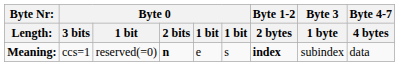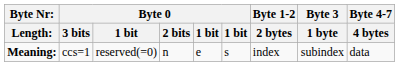 <table class="wikitable">
 <tr>
 <th>Byte Nr:</th>
 <th colspan="5">Byte 0</th>
 <th>Byte 1-2</th>
 <th>Byte 3</th>
 <th>Byte 4-7</th>
 </tr>
 <tr>
 <th>Length:</th>
 <th>3 bits</th>
 <th>1 bit</th>
 <th>2 bits</th>
 <th>1 bit</th>
 <th>1 bit</th>
 <th>2 bytes</th>
 <th>1 byte</th>
 <th>4 bytes</th>
 </tr>
 <tr>
 <td><strong>Meaning:</strong></td>
 <td>ccs=1</td>
 <td>reserved(=0)</td>
-<td><strong>n</strong></td>
+<td>n</td>
 <td>e</td>
 <td>s</td>
-<td><strong>index</strong></td>
+<td>index</td>
 <td>subindex</td>
 <td>data</td>
 </tr>
 </table>
